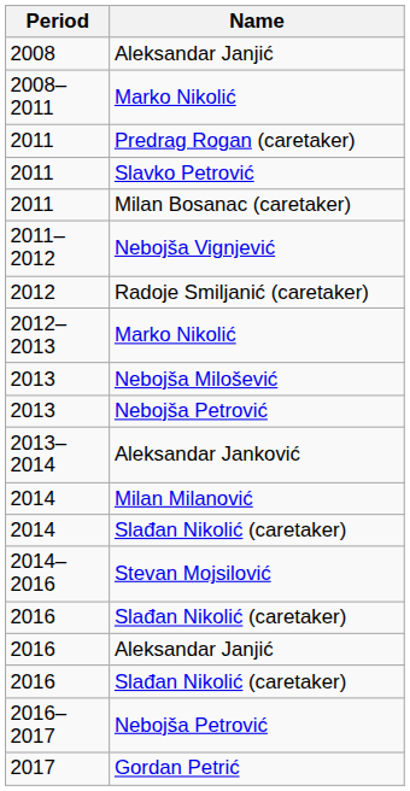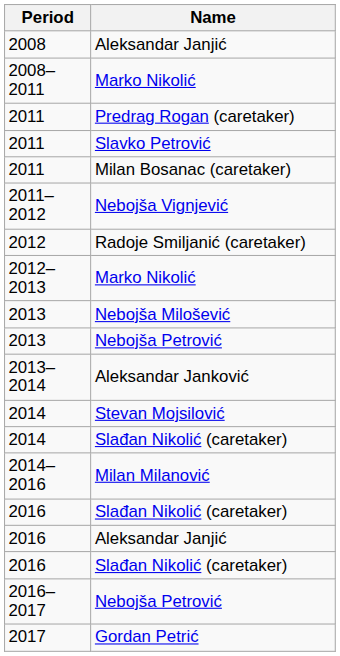 <table class="wikitable">
 <tr>
 <th width="75">Period</th>
 <th width="225">Name</th>
 </tr>
 <tr>
 <td>2008</td>
 <td> Aleksandar Janjić</td>
 </tr>
 <tr>
 <td>2008–2011</td>
 <td> <a href='#'>Marko Nikolić</a></td>
 </tr>
 <tr>
 <td>2011</td>
 <td> <a href='#'>Predrag Rogan</a> (caretaker)</td>
 </tr>
 <tr>
 <td>2011</td>
 <td> <a href='#'>Slavko Petrović</a></td>
 </tr>
 <tr>
 <td>2011</td>
 <td> Milan Bosanac (caretaker)</td>
 </tr>
 <tr>
 <td>2011–2012</td>
 <td> <a href='#'>Nebojša Vignjević</a></td>
 </tr>
 <tr>
 <td>2012</td>
 <td> Radoje Smiljanić (caretaker)</td>
 </tr>
 <tr>
 <td>2012–2013</td>
 <td> <a href='#'>Marko Nikolić</a></td>
 </tr>
 <tr>
 <td>2013</td>
 <td> <a href='#'>Nebojša Milošević</a></td>
 </tr>
 <tr>
 <td>2013</td>
 <td> <a href='#'>Nebojša Petrović</a></td>
 </tr>
 <tr>
 <td>2013–2014</td>
 <td> Aleksandar Janković</td>
 </tr>
 <tr>
 <td>2014</td>
-<td> <a href='#'>Milan Milanović</a></td>
+<td> <a href='#'>Stevan Mojsilović</a></td>
 </tr>
 <tr>
 <td>2014</td>
 <td> <a href='#'>Slađan Nikolić</a> (caretaker)</td>
 </tr>
 <tr>
 <td>2014–2016</td>
-<td> <a href='#'>Stevan Mojsilović</a></td>
+<td> <a href='#'>Milan Milanović</a></td>
 </tr>
 <tr>
 <td>2016</td>
 <td> <a href='#'>Slađan Nikolić</a> (caretaker)</td>
 </tr>
 <tr>
 <td>2016</td>
 <td> Aleksandar Janjić</td>
 </tr>
 <tr>
 <td>2016</td>
 <td> <a href='#'>Slađan Nikolić</a> (caretaker)</td>
 </tr>
 <tr>
 <td>2016–2017</td>
 <td> <a href='#'>Nebojša Petrović</a></td>
 </tr>
 <tr>
 <td>2017</td>
 <td> <a href='#'>Gordan Petrić</a></td>
 </tr>
 </table>
